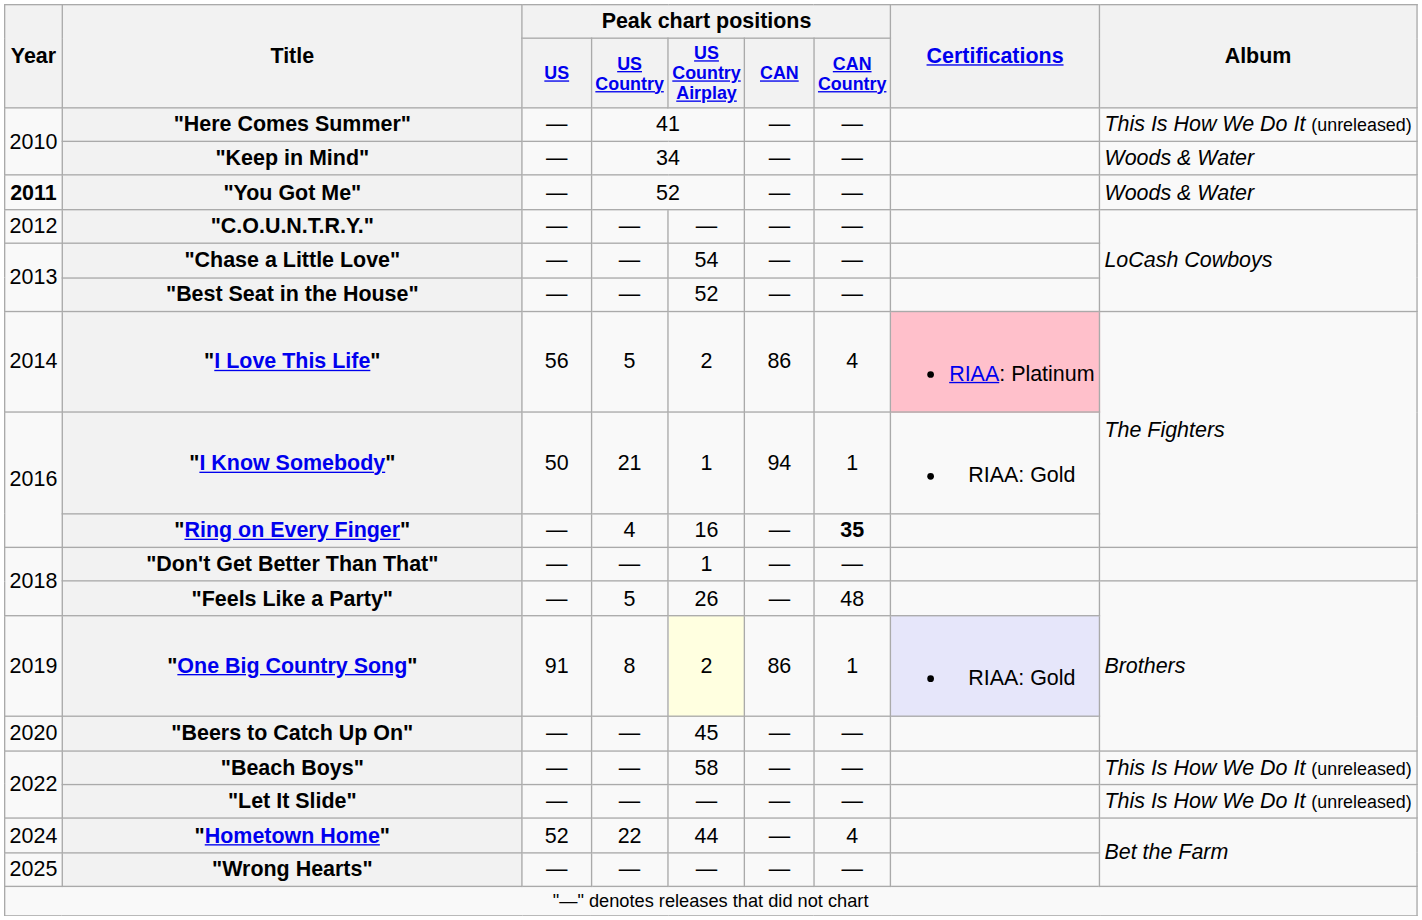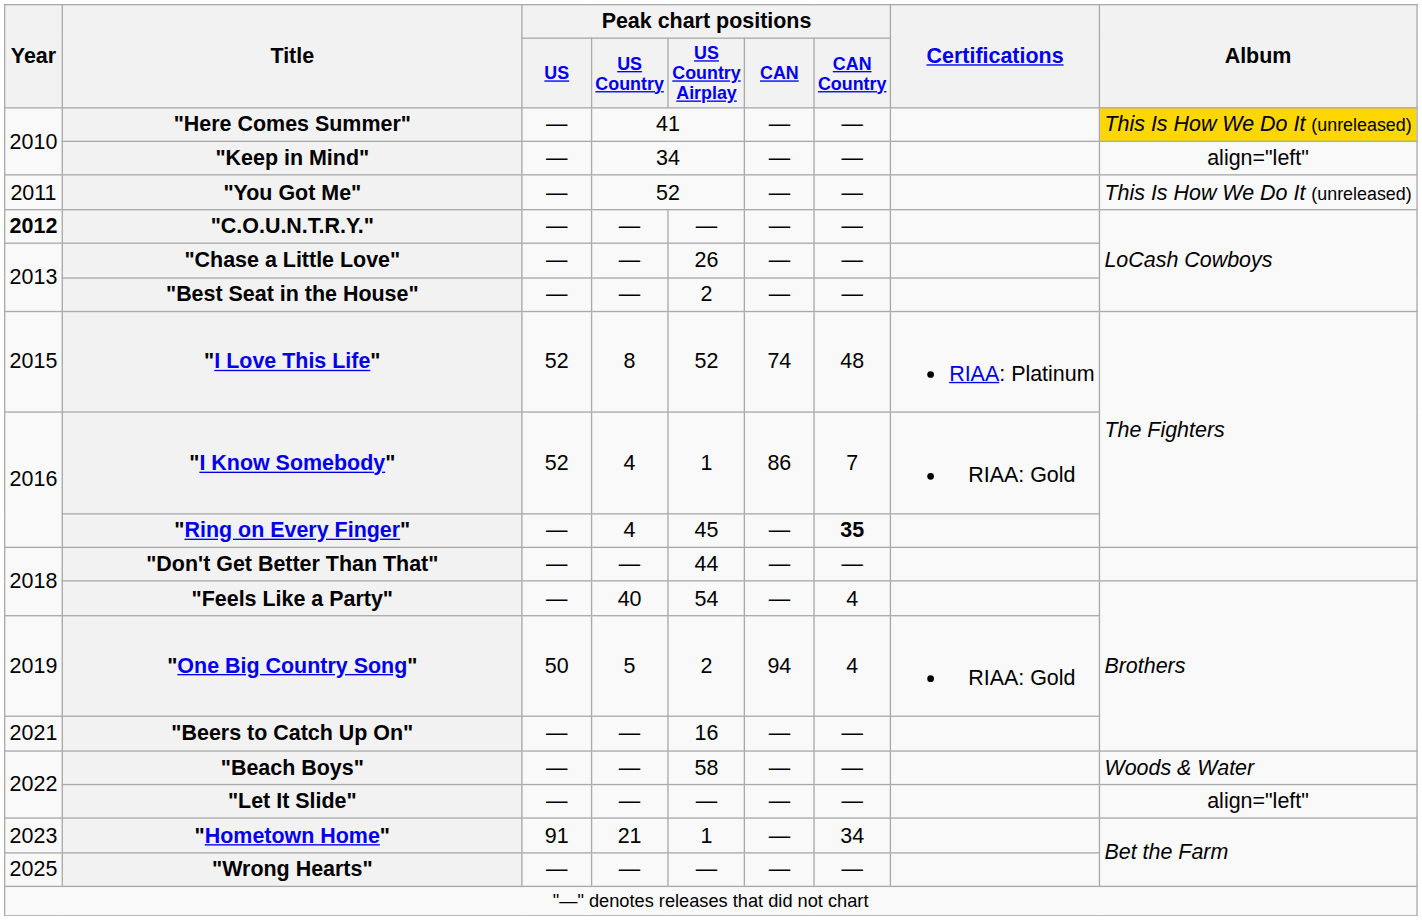 <table class="wikitable plainrowheaders" style="text-align:center;">
 <tr>
 <th scope="col" rowspan="2">Year</th>
 <th scope="col" rowspan="2" style="width:21em;">Title</th>
 <th scope="col" colspan="5">Peak chart positions</th>
 <th scope="col" rowspan="2"><a href='#'>Certifications</a><br></th>
 <th scope="col" rowspan="2">Album</th>
 </tr>
 <tr style="font-size:smaller;">
 <th scope="col" width="45"><a href='#'>US</a><br></th>
 <th scope="col" width="45"><a href='#'>US Country</a><br></th>
 <th scope="col" width="45"><a href='#'>US Country Airplay</a><br></th>
 <th scope="col" width="45"><a href='#'>CAN</a><br></th>
 <th scope="col" width="45"><a href='#'>CAN Country</a><br></th>
 </tr>
 <tr>
 <td rowspan="2">2010</td>
 <th scope="row">"Here Comes Summer"</th>
 <td>—</td>
 <td colspan=2>41</td>
 <td>—</td>
 <td>—</td>
 <td></td>
-<td align="left"><em>This Is How We Do It</em> <small>(unreleased)</small></td>
+<td align="left" style="background: gold;"><em>This Is How We Do It</em> <small>(unreleased)</small></td>
 </tr>
 <tr>
 <th scope="row">"Keep in Mind"</th>
 <td>—</td>
 <td colspan=2>34</td>
 <td>—</td>
 <td>—</td>
 <td></td>
-<td align="left"><em>Woods & Water</em></td>
+<td>align="left"</td>
 </tr>
 <tr>
-<td><strong>2011</strong></td>
+<td>2011</td>
 <th scope="row">"You Got Me"</th>
 <td>—</td>
 <td colspan=2>52</td>
 <td>—</td>
 <td>—</td>
 <td></td>
-<td align="left"><em>Woods & Water</em></td>
+<td align="left"><em>This Is How We Do It</em> <small>(unreleased)</small></td>
 </tr>
 <tr>
-<td>2012</td>
+<td><strong>2012</strong></td>
 <th scope="row">"C.O.U.N.T.R.Y."</th>
 <td>—</td>
 <td>—</td>
 <td>—</td>
 <td>—</td>
 <td>—</td>
 <td></td>
 <td align="left" rowspan="3"><em>LoCash Cowboys</em> </td>
 </tr>
 <tr>
 <td rowspan="2">2013</td>
 <th scope="row">"Chase a Little Love"</th>
 <td>—</td>
 <td>—</td>
-<td>54</td>
+<td>26</td>
 <td>—</td>
 <td>—</td>
 <td></td>
 </tr>
 <tr>
 <th scope="row">"Best Seat in the House"</th>
 <td>—</td>
 <td>—</td>
-<td>52</td>
+<td>2</td>
 <td>—</td>
 <td>—</td>
 <td></td>
 </tr>
 <tr>
-<td>2014</td>
+<td>2015</td>
 <th scope="row">"<a href='#'>I Love This Life</a>"</th>
-<td>56</td>
-<td>5</td>
-<td>2</td>
-<td>86</td>
-<td>4</td>
-<td style="background: pink;"><br><ul><li><a href='#'>RIAA</a>: Platinum</li></ul></td>
+<td>52</td>
+<td>8</td>
+<td>52</td>
+<td>74</td>
+<td>48</td>
+<td><br><ul><li><a href='#'>RIAA</a>: Platinum</li></ul></td>
 <td align="left" rowspan="3"><em>The Fighters</em></td>
 </tr>
 <tr>
 <td rowspan="2">2016</td>
 <th scope="row">"<a href='#'>I Know Somebody</a>"</th>
-<td>50</td>
-<td>21</td>
+<td>52</td>
+<td>4</td>
 <td>1</td>
-<td>94</td>
-<td>1</td>
+<td>86</td>
+<td>7</td>
 <td><br><ul><li>RIAA: Gold</li></ul></td>
 </tr>
 <tr>
 <th scope="row">"<a href='#'>Ring on Every Finger</a>"</th>
 <td>—</td>
 <td>4</td>
-<td>16</td>
+<td>45</td>
 <td>—</td>
 <td><strong>35</strong></td>
 <td></td>
 </tr>
 <tr>
 <td rowspan=2>2018</td>
 <th scope="row">"Don't Get Better Than That"</th>
 <td>—</td>
 <td>—</td>
-<td>1</td>
+<td>44</td>
 <td>—</td>
 <td>—</td>
 <td></td>
 <td></td>
 </tr>
 <tr>
 <th scope="row">"Feels Like a Party"</th>
 <td>—</td>
-<td>5</td>
-<td>26</td>
+<td>40</td>
+<td>54</td>
 <td>—</td>
-<td>48</td>
+<td>4</td>
 <td></td>
 <td align="left" rowspan="3"><em>Brothers</em></td>
 </tr>
 <tr>
 <td>2019</td>
 <th scope="row">"<a href='#'>One Big Country Song</a>"</th>
-<td>91</td>
-<td>8</td>
-<td style="background: lightyellow;">2</td>
-<td>86</td>
-<td>1</td>
-<td style="background: lavender;"><br><ul><li>RIAA: Gold</li></ul></td>
+<td>50</td>
+<td>5</td>
+<td>2</td>
+<td>94</td>
+<td>4</td>
+<td><br><ul><li>RIAA: Gold</li></ul></td>
 </tr>
 <tr>
-<td>2020</td>
+<td>2021</td>
 <th scope="row">"Beers to Catch Up On"</th>
 <td>—</td>
 <td>—</td>
-<td>45</td>
+<td>16</td>
 <td>—</td>
 <td>—</td>
 <td></td>
 </tr>
 <tr>
 <td rowspan=2>2022</td>
 <th scope="row">"Beach Boys"<br></th>
 <td>—</td>
 <td>—</td>
 <td>58</td>
 <td>—</td>
 <td>—</td>
 <td></td>
-<td align="left"><em>This Is How We Do It</em> <small>(unreleased)</small></td>
+<td align="left"><em>Woods & Water</em></td>
 </tr>
 <tr>
 <th scope="row">"Let It Slide"<br></th>
 <td>—</td>
 <td>—</td>
 <td>—</td>
 <td>—</td>
 <td>—</td>
 <td></td>
-<td align="left"><em>This Is How We Do It</em> <small>(unreleased)</small></td>
+<td>align="left"</td>
 </tr>
 <tr>
-<td scope="row">2024</td>
+<td scope="row">2023</td>
 <th scope="row">"<a href='#'>Hometown Home</a>"</th>
-<td>52</td>
-<td>22</td>
-<td>44</td>
+<td>91</td>
+<td>21</td>
+<td>1</td>
 <td>—</td>
-<td>4</td>
+<td>34</td>
 <td></td>
 <td rowspan="2" align="left"><em>Bet the Farm</em></td>
 </tr>
 <tr>
 <td>2025</td>
 <th scope="row">"Wrong Hearts"</th>
 <td>—</td>
 <td>—</td>
 <td>—</td>
 <td>—</td>
 <td>—</td>
 <td></td>
 </tr>
 <tr>
 <td colspan="10" style="font-size:85%">"—" denotes releases that did not chart</td>
 </tr>
 </table>
